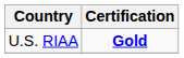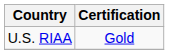 <table class="wikitable">
 <tr>
 <th>Country</th>
 <th>Certification<br></th>
 </tr>
 <tr>
 <td>U.S. <a href='#'>RIAA</a></td>
-<td align="center"><strong><a href='#'>Gold</a></strong></td>
+<td align="center"><a href='#'>Gold</a></td>
 </tr>
 <tr>
 </tr>
 </table>
